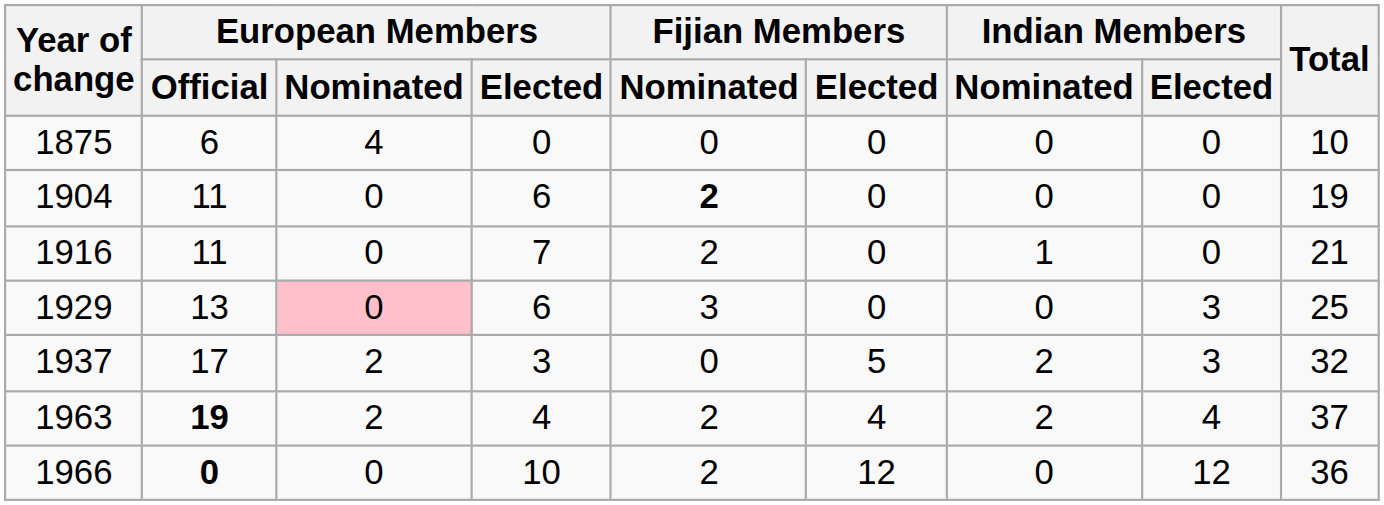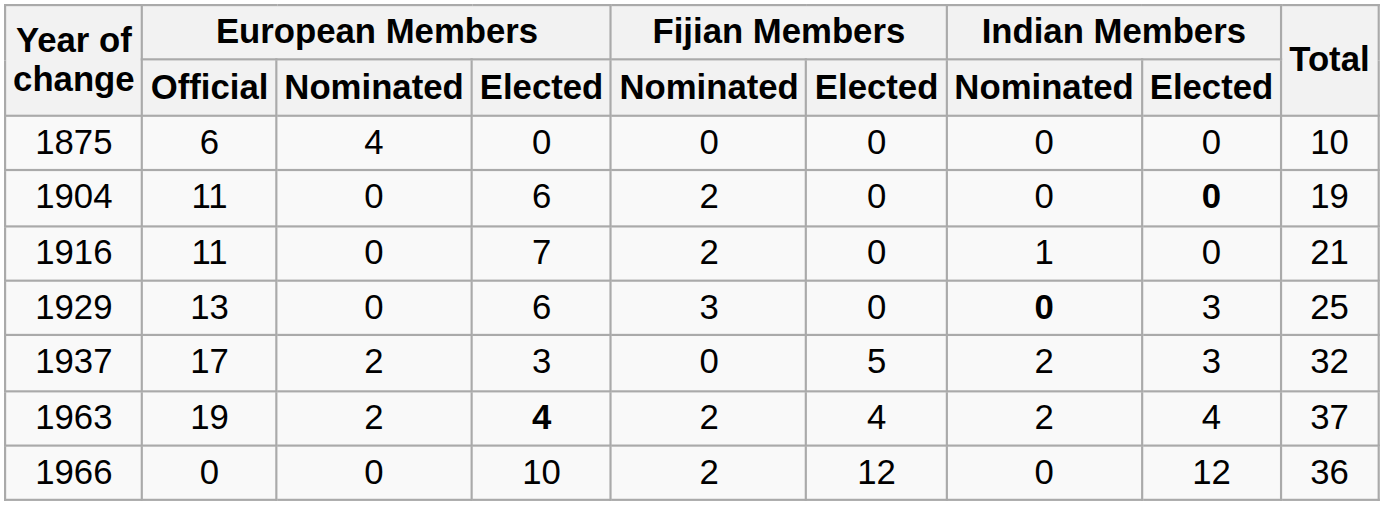 <table class="wikitable" style="text-align:center">
 <tr>
 <th rowspan="2" width="37">Year of change</th>
 <th colspan="3">European Members</th>
 <th colspan="2">Fijian Members</th>
 <th colspan="2">Indian Members</th>
 <th rowspan="2">Total</th>
 </tr>
 <tr>
 <th width="51">Official</th>
 <th width="77">Nominated</th>
 <th width="57">Elected</th>
 <th width="76">Nominated</th>
 <th width="54">Elected</th>
 <th width="77">Nominated</th>
 <th width="54">Elected</th>
 </tr>
 <tr>
 <td>1875</td>
 <td>6</td>
 <td>4</td>
 <td>0</td>
 <td>0</td>
 <td>0</td>
 <td>0</td>
 <td>0</td>
 <td>10</td>
 </tr>
 <tr>
 <td>1904</td>
 <td>11</td>
 <td>0</td>
 <td>6</td>
-<td><strong>2</strong></td>
+<td>2</td>
 <td>0</td>
 <td>0</td>
-<td>0</td>
+<td><strong>0</strong></td>
 <td>19</td>
 </tr>
 <tr>
 <td>1916</td>
 <td>11</td>
 <td>0</td>
 <td>7</td>
 <td>2</td>
 <td>0</td>
 <td>1</td>
 <td>0</td>
 <td>21</td>
 </tr>
 <tr>
 <td>1929</td>
 <td>13</td>
-<td style="background: pink;">0</td>
+<td>0</td>
 <td>6</td>
 <td>3</td>
 <td>0</td>
-<td>0</td>
+<td><strong>0</strong></td>
 <td>3</td>
 <td>25</td>
 </tr>
 <tr>
 <td>1937</td>
 <td>17</td>
 <td>2</td>
 <td>3</td>
 <td>0</td>
 <td>5</td>
 <td>2</td>
 <td>3</td>
 <td>32</td>
 </tr>
 <tr>
 <td>1963</td>
-<td><strong>19</strong></td>
+<td>19</td>
 <td>2</td>
-<td>4</td>
+<td><strong>4</strong></td>
 <td>2</td>
 <td>4</td>
 <td>2</td>
 <td>4</td>
 <td>37</td>
 </tr>
 <tr>
 <td>1966</td>
-<td><strong>0</strong></td>
+<td>0</td>
 <td>0</td>
 <td>10</td>
 <td>2</td>
 <td>12</td>
 <td>0</td>
 <td>12</td>
 <td>36</td>
 </tr>
 </table>
